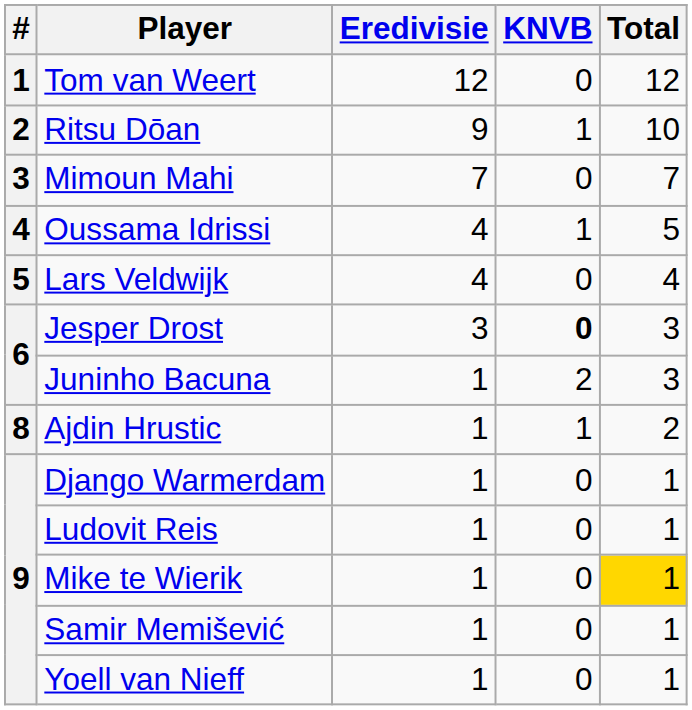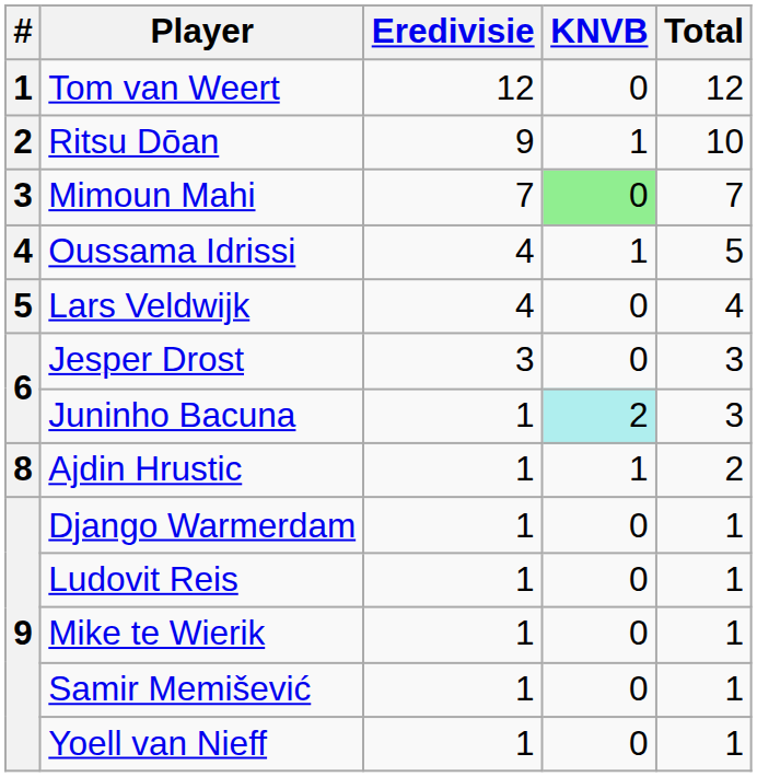 <table class="wikitable" style="text-align:right;">
 <tr>
 <th>#</th>
 <th>Player</th>
 <th><a href='#'>Eredivisie</a></th>
 <th><a href='#'>KNVB</a></th>
 <th>Total</th>
 </tr>
 <tr>
 <th align=center>1</th>
 <td align=left> <a href='#'>Tom van Weert</a></td>
 <td>12</td>
 <td>0</td>
 <td>12</td>
 </tr>
 <tr>
 <th align=center>2</th>
 <td align=left> <a href='#'>Ritsu Dōan</a></td>
 <td>9</td>
 <td>1</td>
 <td>10</td>
 </tr>
 <tr>
 <th align=center>3</th>
 <td align=left> <a href='#'>Mimoun Mahi</a></td>
 <td>7</td>
-<td>0</td>
+<td style="background: lightgreen;">0</td>
 <td>7</td>
 </tr>
 <tr>
 <th align=center>4</th>
 <td align=left> <a href='#'>Oussama Idrissi</a></td>
 <td>4</td>
 <td>1</td>
 <td>5</td>
 </tr>
 <tr>
 <th align=center>5</th>
 <td align=left> <a href='#'>Lars Veldwijk</a></td>
 <td>4</td>
 <td>0</td>
 <td>4</td>
 </tr>
 <tr>
 <th rowspan=2 align=center>6</th>
 <td align=left> <a href='#'>Jesper Drost</a></td>
 <td>3</td>
-<td><strong>0</strong></td>
+<td>0</td>
 <td>3</td>
 </tr>
 <tr>
 <td align=left> <a href='#'>Juninho Bacuna</a></td>
 <td>1</td>
-<td>2</td>
+<td style="background: paleturquoise;">2</td>
 <td>3</td>
 </tr>
 <tr>
 <th align=center>8</th>
 <td align=left> <a href='#'>Ajdin Hrustic</a></td>
 <td>1</td>
 <td>1</td>
 <td>2</td>
 </tr>
 <tr>
 <th rowspan=5 align=center>9</th>
 <td align=left> <a href='#'>Django Warmerdam</a></td>
 <td>1</td>
 <td>0</td>
 <td>1</td>
 </tr>
 <tr>
 <td align=left> <a href='#'>Ludovit Reis</a></td>
 <td>1</td>
 <td>0</td>
 <td>1</td>
 </tr>
 <tr>
 <td align=left> <a href='#'>Mike te Wierik</a></td>
 <td>1</td>
 <td>0</td>
-<td style="background: gold;">1</td>
+<td>1</td>
 </tr>
 <tr>
 <td align=left> <a href='#'>Samir Memišević</a></td>
 <td>1</td>
 <td>0</td>
 <td>1</td>
 </tr>
 <tr>
 <td align=left> <a href='#'>Yoell van Nieff</a></td>
 <td>1</td>
 <td>0</td>
 <td>1</td>
 </tr>
 </table>
